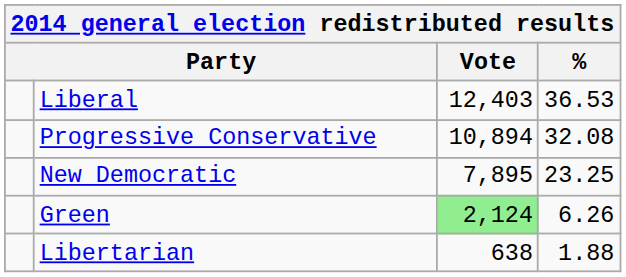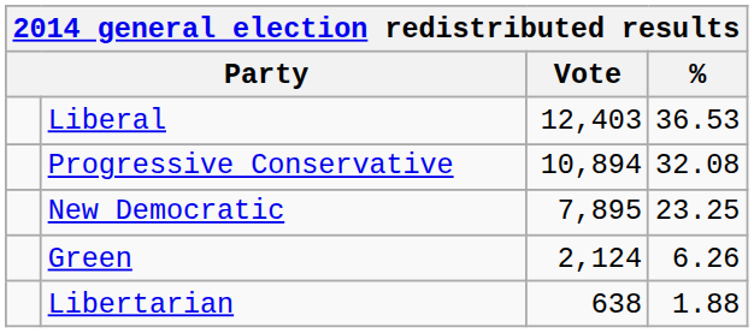 <table class="wikitable">
 <tr>
 <th colspan="4"><a href='#'>2014 general election</a> redistributed results</th>
 </tr>
 <tr>
 <th bgcolor="#DDDDFF" width="130px" colspan="2">Party</th>
 <th bgcolor="#DDDDFF" width="50px">Vote</th>
 <th bgcolor="#DDDDFF" width="30px">%</th>
 </tr>
 <tr>
 <td> </td>
 <td><a href='#'>Liberal</a></td>
 <td align=right>12,403</td>
 <td align=right>36.53</td>
 </tr>
 <tr>
 <td> </td>
 <td><a href='#'>Progressive Conservative</a></td>
 <td align=right>10,894</td>
 <td align=right>32.08</td>
 </tr>
 <tr>
 <td> </td>
 <td><a href='#'>New Democratic</a></td>
 <td align=right>7,895</td>
 <td align=right>23.25</td>
 </tr>
 <tr>
 <td> </td>
 <td><a href='#'>Green</a></td>
-<td align=right style="background: lightgreen;">2,124</td>
+<td align=right>2,124</td>
 <td align=right>6.26</td>
 </tr>
 <tr>
 <td> </td>
 <td><a href='#'>Libertarian</a></td>
 <td align=right>638</td>
 <td align=right>1.88</td>
 </tr>
 </table>
